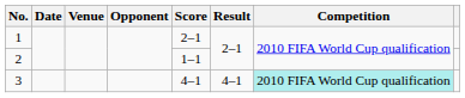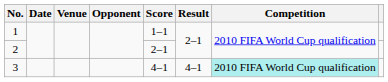 <table class="wikitable sortable">
 <tr>
 <th scope="col">No.</th>
 <th scope="col">Date</th>
 <th scope="col">Venue</th>
 <th scope="col">Opponent</th>
 <th scope="col">Score</th>
 <th scope="col">Result</th>
 <th scope="col">Competition</th>
 <th scope="col" class="unsortable"></th>
 </tr>
 <tr>
 <td style="text-align:center">1</td>
 <td rowspan="2"></td>
 <td rowspan="2"></td>
 <td rowspan="2"></td>
-<td style="text-align:center">2–1</td>
+<td style="text-align:center">1–1</td>
 <td rowspan="2" style="text-align:center">2–1</td>
 <td rowspan="2"><a href='#'>2010 FIFA World Cup qualification</a></td>
 <td></td>
 </tr>
 <tr>
 <td style="text-align:center">2</td>
-<td style="text-align:center">1–1</td>
+<td style="text-align:center">2–1</td>
 <td></td>
 </tr>
 <tr>
 <td style="text-align:center">3</td>
 <td></td>
 <td></td>
 <td></td>
 <td style="text-align:center">4–1</td>
 <td style="text-align:center">4–1</td>
 <td style="background: paleturquoise;">2010 FIFA World Cup qualification</td>
 <td></td>
 </tr>
 </table>
